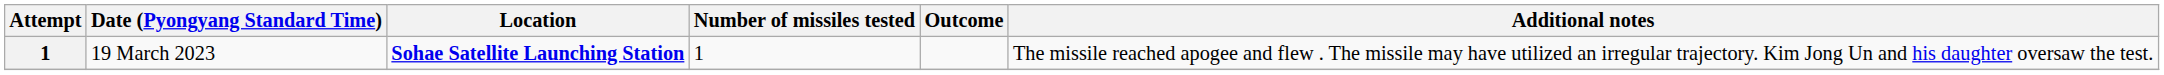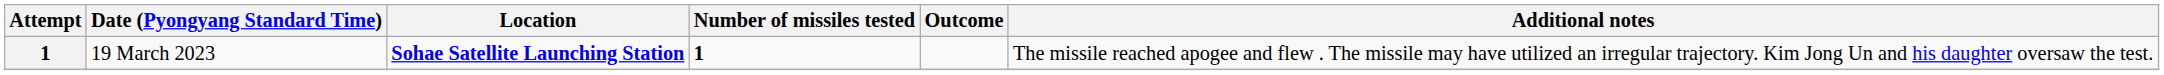 <table class="wikitable">
 <tr>
 <th scope="col">Attempt</th>
 <th scope="col">Date (<a href='#'>Pyongyang Standard Time</a>)</th>
 <th scope="col">Location</th>
 <th scope="col">Number of missiles tested</th>
 <th scope="col">Outcome</th>
 <th scope="col">Additional notes</th>
 </tr>
 <tr>
 <th scope="row">1</th>
 <td>19 March 2023</td>
 <td><strong><a href='#'>Sohae Satellite Launching Station</a></strong></td>
-<td>1</td>
+<td><strong>1</strong></td>
 <td></td>
 <td>The missile reached  apogee and flew . The missile may have utilized an irregular trajectory. Kim Jong Un and <a href='#'>his daughter</a> oversaw the test.</td>
 </tr>
 <tr>
 </tr>
 </table>
